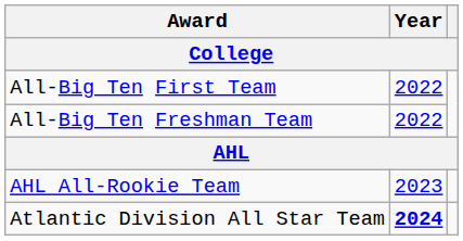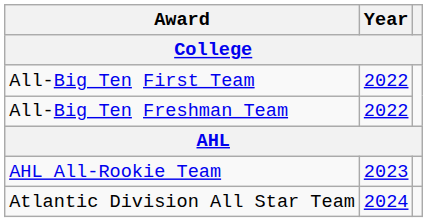 <table class="wikitable">
 <tr>
 <th>Award</th>
 <th>Year</th>
 <th></th>
 </tr>
 <tr>
 <th colspan="3"><a href='#'>College</a></th>
 </tr>
 <tr>
 <td>All-<a href='#'>Big Ten</a> <a href='#'>First Team</a></td>
 <td><a href='#'>2022</a></td>
 </tr>
 <tr>
 <td>All-<a href='#'>Big Ten</a> <a href='#'>Freshman Team</a></td>
 <td><a href='#'>2022</a></td>
 </tr>
 <tr ALIGN="center" bgcolor="#e0e0e0">
 <th colspan="3"><a href='#'>AHL</a></th>
 </tr>
 <tr>
 <td><a href='#'>AHL All-Rookie Team</a></td>
 <td><a href='#'>2023</a></td>
 <td></td>
 </tr>
 <tr>
 <td>Atlantic Division All Star Team</td>
-<td><strong><a href='#'>2024</a></strong></td>
+<td><a href='#'>2024</a></td>
 <td></td>
 </tr>
 </table>
